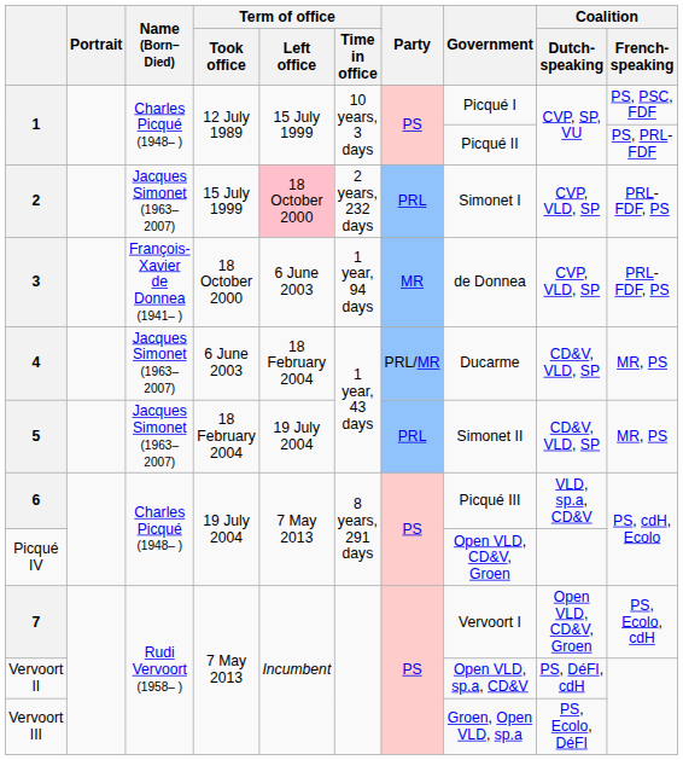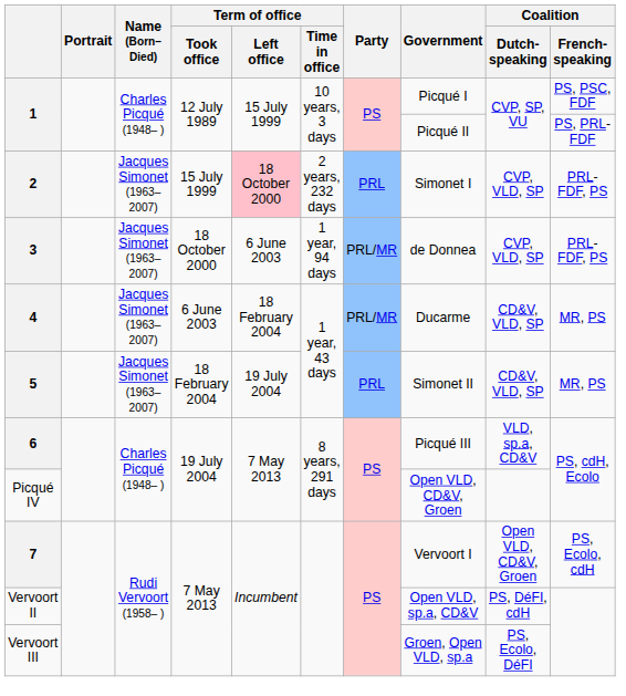 <table width=75% class="wikitable" style="text-align:center;">
 <tr>
 <th rowspan="3"></th>
 <th rowspan="3">Portrait</th>
 <th rowspan="3">Name<br><small>(Born–Died)</small></th>
 <th colspan="3" rowspan="2">Term of office</th>
 <th rowspan="3">Party</th>
 <th rowspan="3">Government</th>
 <th colspan=2>Coalition</th>
 </tr>
 <tr>
 <th rowspan="2">Dutch-speaking</th>
 <th rowspan="2">French-speaking</th>
 </tr>
 <tr>
 <th>Took office</th>
 <th>Left office</th>
 <th>Time in office</th>
 </tr>
 <tr>
 <th rowspan="2" style="background:">1</th>
 <td rowspan="2"></td>
 <td rowspan="2"><a href='#'>Charles Picqué</a><br><small>(1948– )</small></td>
 <td rowspan="2">12 July 1989</td>
 <td rowspan="2">15 July 1999</td>
 <td rowspan="2">10 years,<br>3 days</td>
 <td rowspan="2" bgcolor="#FFCCCC"><a href='#'>PS</a></td>
 <td>Picqué I</td>
 <td rowspan="2"><a href='#'>CVP</a>, <a href='#'>SP</a>, <a href='#'>VU</a></td>
 <td><a href='#'>PS</a>, <a href='#'>PSC</a>, <a href='#'>FDF</a></td>
 </tr>
 <tr>
 <td>Picqué II</td>
 <td><a href='#'>PS</a>, <a href='#'>PRL</a>-<a href='#'>FDF</a></td>
 </tr>
 <tr>
 <th style="background:">2</th>
 <td></td>
 <td><a href='#'>Jacques Simonet</a><br><small>(1963–2007)</small></td>
 <td>15 July 1999</td>
 <td style="background: pink;">18 October 2000</td>
 <td>2 years,<br>232 days</td>
 <td bgcolor=#90C2FB><a href='#'>PRL</a></td>
 <td>Simonet I</td>
 <td><a href='#'>CVP</a>, <a href='#'>VLD</a>, <a href='#'>SP</a></td>
 <td><a href='#'>PRL</a>-<a href='#'>FDF</a>, <a href='#'>PS</a></td>
 </tr>
 <tr>
 <th style="background:">3</th>
 <td></td>
-<td><a href='#'>François-Xavier de Donnea</a><br><small>(1941– )</small></td>
+<td><a href='#'>Jacques Simonet</a><br><small>(1963–2007)</small></td>
 <td>18 October 2000</td>
 <td>6 June 2003</td>
 <td>1 year,<br>94 days</td>
-<td bgcolor=#90C2FB><a href='#'>MR</a></td>
+<td bgcolor=#90C2FB>PRL/<a href='#'>MR</a></td>
 <td>de Donnea</td>
 <td><a href='#'>CVP</a>, <a href='#'>VLD</a>, <a href='#'>SP</a></td>
 <td><a href='#'>PRL</a>-<a href='#'>FDF</a>, <a href='#'>PS</a></td>
 </tr>
 <tr>
 <th style="background:">4</th>
 <td></td>
 <td><a href='#'>Jacques Simonet</a><br><small>(1963–2007)</small></td>
 <td>6 June 2003</td>
 <td>18 February 2004</td>
 <td rowspan="2">1 year,<br>43 days</td>
 <td bgcolor=#90C2FB>PRL/<a href='#'>MR</a></td>
 <td>Ducarme</td>
 <td><a href='#'>CD&V</a>, <a href='#'>VLD</a>, <a href='#'>SP</a></td>
 <td><a href='#'>MR</a>, <a href='#'>PS</a></td>
 </tr>
 <tr>
 <th style="background:">5</th>
 <td></td>
 <td><a href='#'>Jacques Simonet</a><br><small>(1963–2007)</small></td>
 <td>18 February 2004</td>
 <td>19 July 2004</td>
 <td bgcolor=#90C2FB><a href='#'>PRL</a></td>
 <td>Simonet II</td>
 <td><a href='#'>CD&V</a>, <a href='#'>VLD</a>, <a href='#'>SP</a></td>
 <td><a href='#'>MR</a>, <a href='#'>PS</a></td>
 </tr>
 <tr>
 <th style="background:">6</th>
 <td rowspan=2></td>
 <td rowspan=2><a href='#'>Charles Picqué</a><br><small>(1948– )</small></td>
 <td rowspan=2>19 July 2004</td>
 <td rowspan=2>7 May 2013</td>
 <td rowspan="2">8 years,<br>291 days</td>
 <td bgcolor=#FFCCCC rowspan=2><a href='#'>PS</a></td>
 <td>Picqué III</td>
 <td><a href='#'>VLD</a>, <a href='#'>sp.a</a>, <a href='#'>CD&V</a></td>
 <td rowspan=2><a href='#'>PS</a>, <a href='#'>cdH</a>, <a href='#'>Ecolo</a></td>
 </tr>
 <tr>
 <td>Picqué IV</td>
 <td><a href='#'>Open VLD</a>, <a href='#'>CD&V</a>, <a href='#'>Groen</a></td>
 </tr>
 <tr>
 <th style="background:">7</th>
 <td rowspan=3></td>
 <td rowspan=3><a href='#'>Rudi Vervoort</a><br><small>(1958– )</small></td>
 <td rowspan=3>7 May 2013</td>
 <td rowspan=3><em>Incumbent</em></td>
 <td rowspan="3"></td>
 <td bgcolor=#FFCCCC rowspan=3><a href='#'>PS</a></td>
 <td>Vervoort I</td>
 <td><a href='#'>Open VLD</a>, <a href='#'>CD&V</a>, <a href='#'>Groen</a></td>
 <td><a href='#'>PS</a>, <a href='#'>Ecolo</a>, <a href='#'>cdH</a></td>
 </tr>
 <tr>
 <td>Vervoort II</td>
 <td><a href='#'>Open VLD</a>, <a href='#'>sp.a</a>, <a href='#'>CD&V</a></td>
 <td><a href='#'>PS</a>, <a href='#'>DéFI</a>, <a href='#'>cdH</a></td>
 </tr>
 <tr>
 <td>Vervoort III</td>
 <td><a href='#'>Groen</a>, <a href='#'>Open VLD</a>, <a href='#'>sp.a</a></td>
 <td><a href='#'>PS</a>, <a href='#'>Ecolo</a>, <a href='#'>DéFI</a></td>
 </tr>
 </table>
